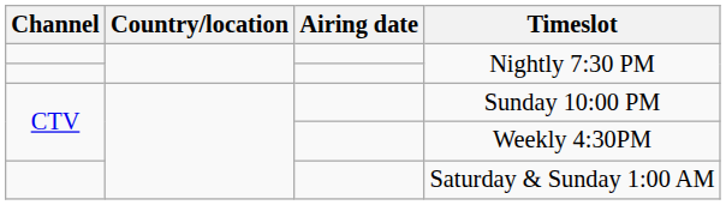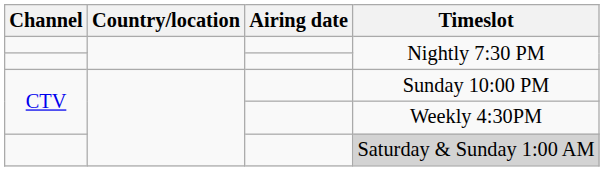 <table class="wikitable">
 <tr>
 <th>Channel</th>
 <th>Country/location</th>
 <th>Airing date</th>
 <th>Timeslot</th>
 </tr>
 <tr align=center>
 <td></td>
 <td rowspan="2"></td>
 <td></td>
 <td rowspan="2">Nightly 7:30 PM</td>
 </tr>
 <tr align=center>
 <td></td>
 <td></td>
 </tr>
 <tr align=center>
 <td rowspan="2"><a href='#'>CTV</a></td>
 <td rowspan="3"></td>
 <td></td>
 <td>Sunday 10:00 PM</td>
 </tr>
 <tr align=center>
 <td></td>
 <td>Weekly 4:30PM</td>
 </tr>
 <tr align=center>
 <td></td>
 <td></td>
-<td>Saturday & Sunday 1:00 AM</td>
+<td style="background: lightgrey;">Saturday & Sunday 1:00 AM</td>
 </tr>
 </table>
